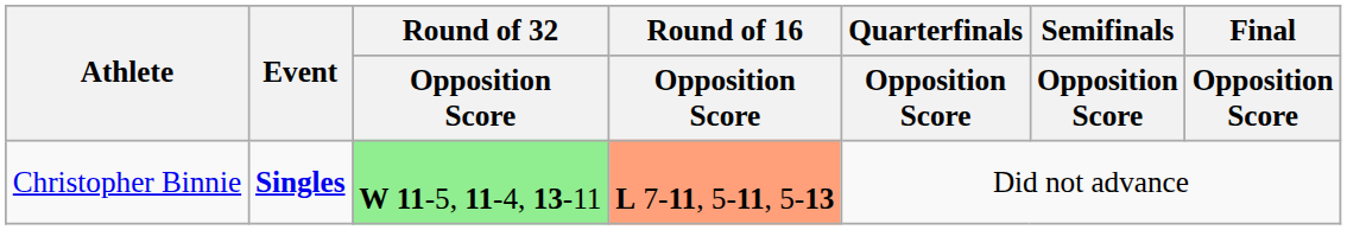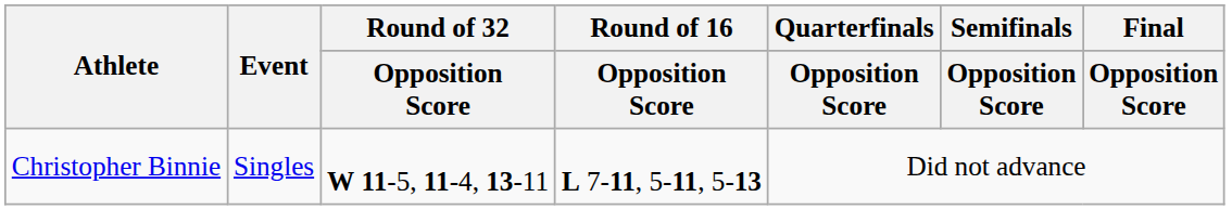 <table class="wikitable" border="1" style="font-size:90%">
 <tr>
 <th rowspan=2>Athlete</th>
 <th rowspan=2>Event</th>
 <th>Round of 32</th>
 <th>Round of 16</th>
 <th>Quarterfinals</th>
 <th>Semifinals</th>
 <th>Final</th>
 </tr>
 <tr>
 <th>Opposition<br>Score</th>
 <th>Opposition<br>Score</th>
 <th>Opposition<br>Score</th>
 <th>Opposition<br>Score</th>
 <th>Opposition<br>Score</th>
 </tr>
 <tr>
 <td><a href='#'>Christopher Binnie</a></td>
-<td><strong><a href='#'>Singles</a></strong></td>
-<td align=center style="background: lightgreen;"><br><strong>W</strong> <strong>11</strong>-5, <strong>11</strong>-4, <strong>13</strong>-11</td>
-<td align=center style="background: lightsalmon;"><br><strong>L</strong> 7-<strong>11</strong>, 5-<strong>11</strong>, 5-<strong>13</strong></td>
+<td><a href='#'>Singles</a></td>
+<td align=center><br><strong>W</strong> <strong>11</strong>-5, <strong>11</strong>-4, <strong>13</strong>-11</td>
+<td align=center><br><strong>L</strong> 7-<strong>11</strong>, 5-<strong>11</strong>, 5-<strong>13</strong></td>
 <td align="center" colspan="7">Did not advance</td>
 </tr>
 </table>
